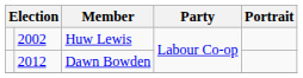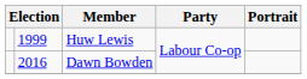 <table class="wikitable">
 <tr>
 <th colspan="2">Election</th>
 <th>Member</th>
 <th>Party</th>
 <th>Portrait</th>
 </tr>
 <tr>
 <td style="background-color: "></td>
-<td><a href='#'>2002</a></td>
+<td><a href='#'>1999</a></td>
 <td><a href='#'>Huw Lewis</a></td>
 <td rowspan="2"><a href='#'>Labour Co-op</a></td>
 <td></td>
 </tr>
 <tr>
 <td style="background-color: "></td>
-<td><a href='#'>2012</a></td>
+<td><a href='#'>2016</a></td>
 <td><a href='#'>Dawn Bowden</a></td>
 <td></td>
 </tr>
 <tr>
 </tr>
 </table>
